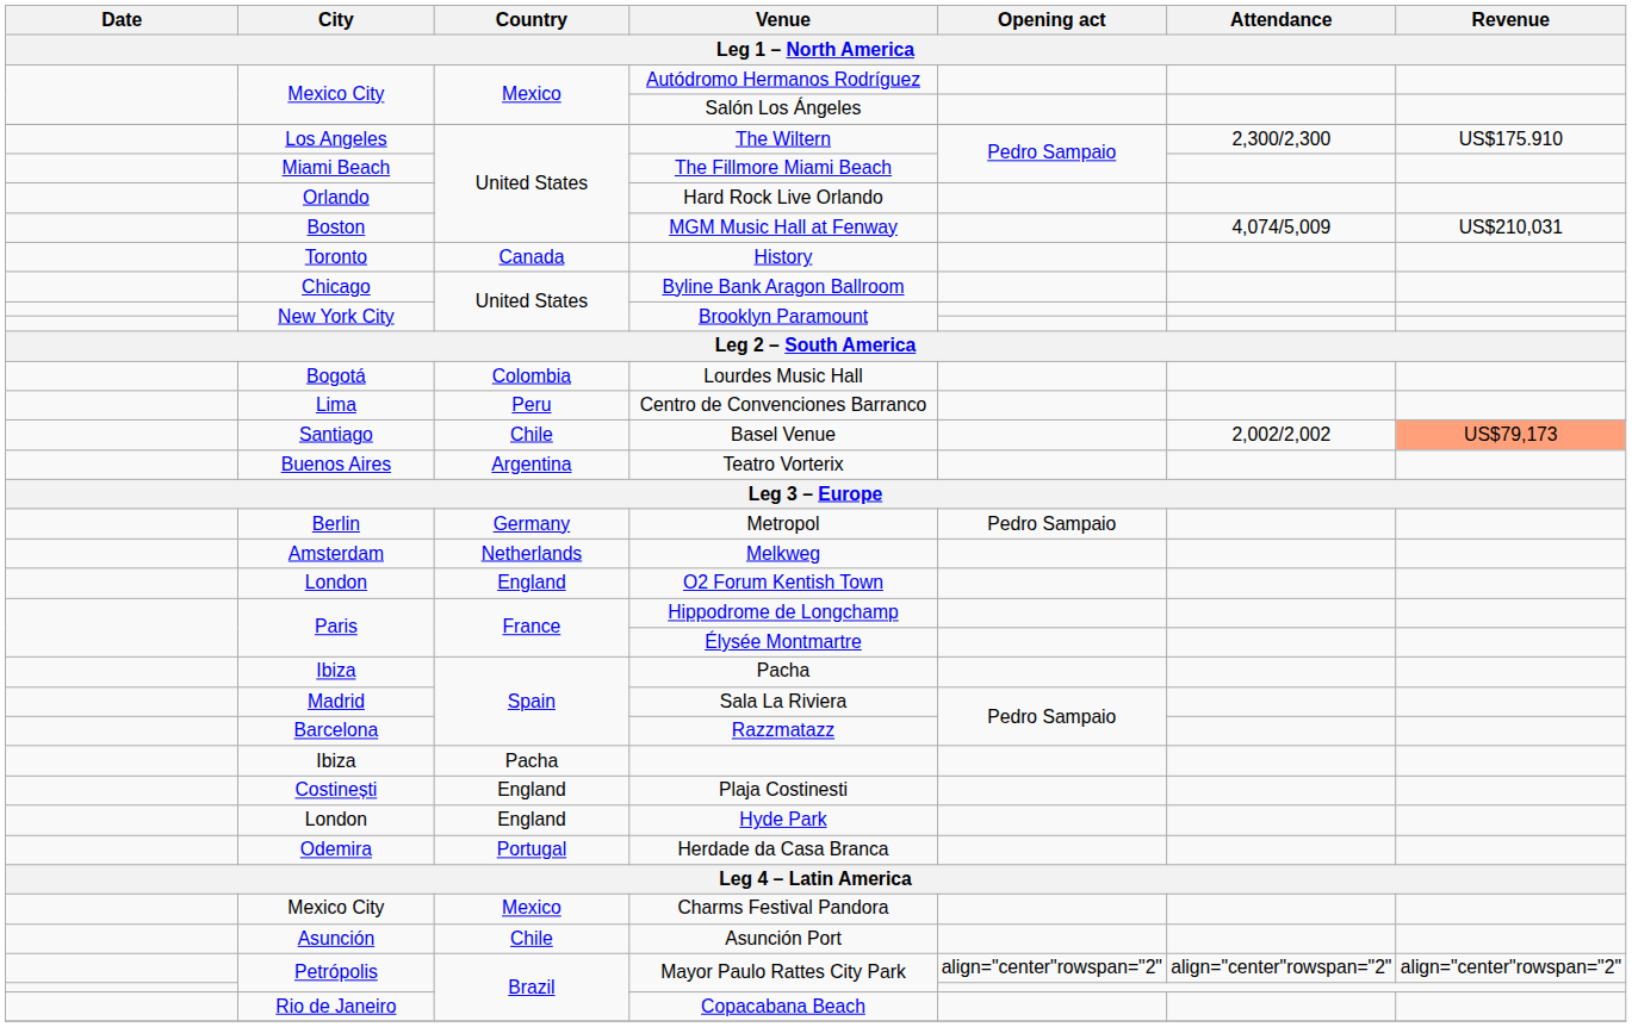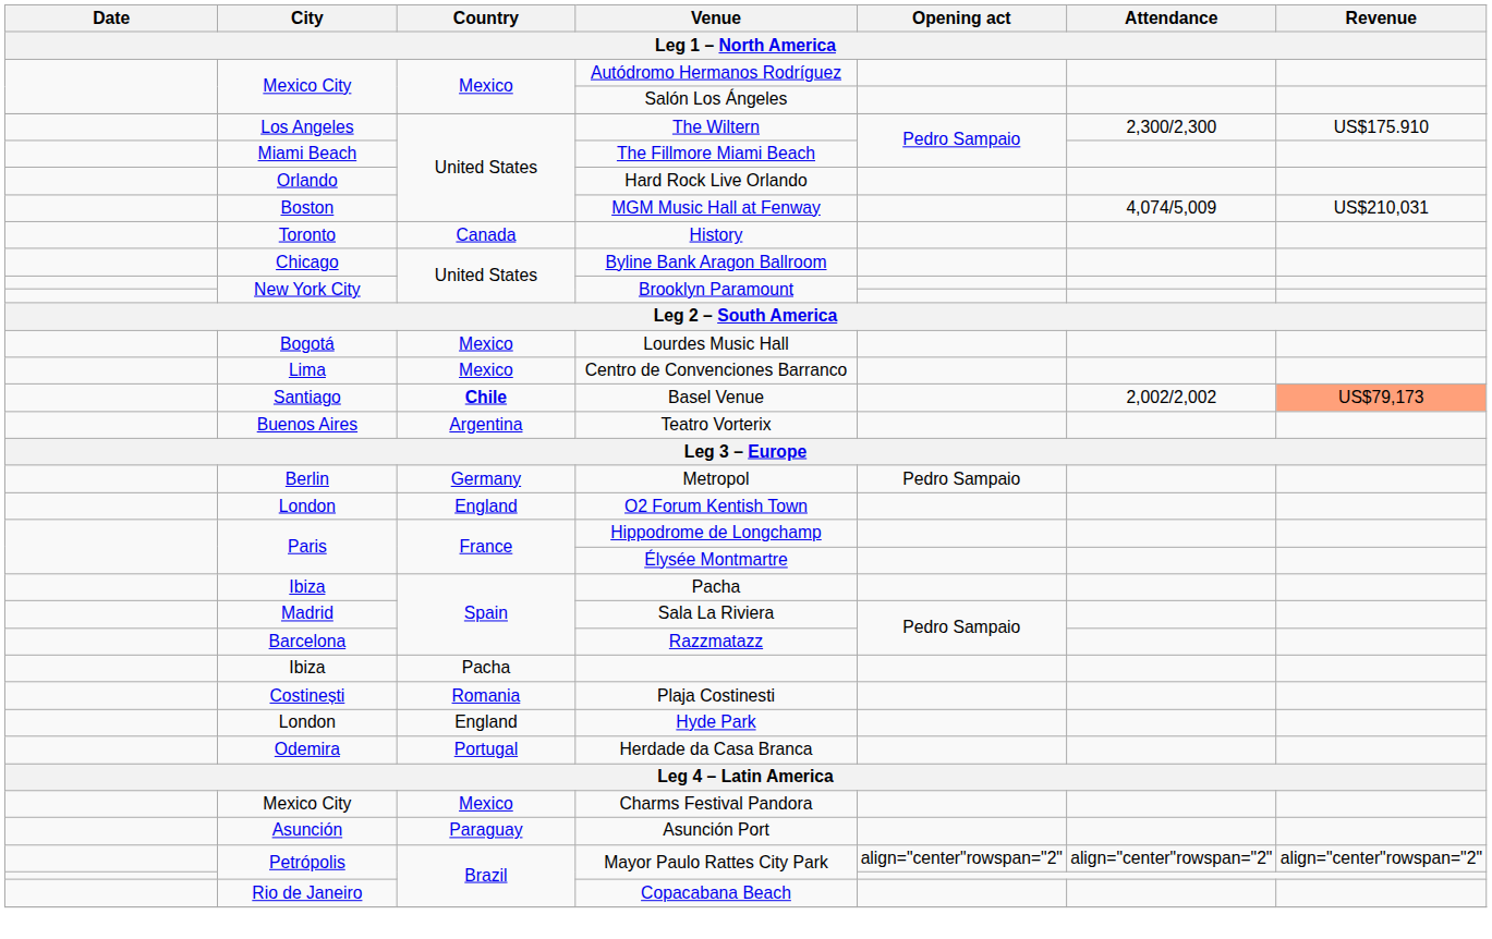 <table class="wikitable plainrowheaders" style="text-align:center;">
 <tr>
 <th scope="col" style="width:12em;">Date</th>
 <th scope="col" style="width:10em;">City</th>
 <th scope="col" style="width:10em;">Country</th>
 <th scope="col" style="width:16em;">Venue</th>
 <th scope="col" style="width:10em;">Opening act</th>
 <th scope="col" style="width:10em;">Attendance</th>
 <th scope="col" style="width:10em;">Revenue</th>
 </tr>
 <tr>
 <th colspan="7">Leg 1 – <strong><a href='#'>North America</a></strong></th>
 </tr>
 <tr>
 <td align="center"rowspan="2"></td>
 <td align="center"rowspan="2"><a href='#'>Mexico City</a></td>
 <td align="center"rowspan="2"><a href='#'>Mexico</a></td>
 <td align="center"><a href='#'>Autódromo Hermanos Rodríguez</a></td>
 <td></td>
 <td></td>
 <td></td>
 </tr>
 <tr>
 <td align="center">Salón Los Ángeles</td>
 <td></td>
 <td></td>
 <td></td>
 </tr>
 <tr>
 </tr>
 <tr>
 <td align="center"></td>
 <td align="center"><a href='#'>Los Angeles</a></td>
 <td align="center" rowspan="4">United States</td>
 <td align="center"><a href='#'>The Wiltern</a></td>
 <td align="center" rowspan="2"><a href='#'>Pedro Sampaio</a></td>
 <td>2,300/2,300</td>
 <td>US$175.910</td>
 </tr>
 <tr>
 <td align="center"></td>
 <td align="center"><a href='#'>Miami Beach</a></td>
 <td align="center"><a href='#'>The Fillmore Miami Beach</a></td>
 <td></td>
 <td></td>
 </tr>
 <tr>
 <td align="center"></td>
 <td align="center"><a href='#'>Orlando</a></td>
 <td align="center">Hard Rock Live Orlando</td>
 <td></td>
 <td></td>
 <td></td>
 </tr>
 <tr>
 <td align="center"></td>
 <td align="center"><a href='#'>Boston</a></td>
 <td align="center"><a href='#'>MGM Music Hall at Fenway</a></td>
 <td></td>
 <td>4,074/5,009</td>
 <td>US$210,031</td>
 </tr>
 <tr>
 <td align="center"></td>
 <td align="center"><a href='#'>Toronto</a></td>
 <td align="center" rowspan="1"><a href='#'>Canada</a></td>
 <td align="center"><a href='#'>History</a></td>
 <td></td>
 <td></td>
 <td></td>
 </tr>
 <tr>
 <td align="center"></td>
 <td align="center"><a href='#'>Chicago</a></td>
 <td align="center" rowspan="3">United States</td>
 <td align="center"><a href='#'>Byline Bank Aragon Ballroom</a></td>
 <td></td>
 <td></td>
 <td></td>
 </tr>
 <tr>
 <td align="center"></td>
 <td align="center"rowspan="2"><a href='#'>New York City</a></td>
 <td align="center"rowspan="2"><a href='#'>Brooklyn Paramount</a></td>
 <td></td>
 <td></td>
 <td></td>
 </tr>
 <tr>
 <td align="center"></td>
 <td></td>
 <td></td>
 <td></td>
 </tr>
 <tr>
 <th colspan="7">Leg 2 – <strong><a href='#'>South America</a></strong></th>
 </tr>
 <tr>
 <td align="center"></td>
 <td align="center"><a href='#'>Bogotá</a></td>
-<td align="center" rowspan="1"><a href='#'>Colombia</a></td>
+<td align="center" rowspan="1"><a href='#'>Mexico</a></td>
 <td align="center">Lourdes Music Hall</td>
 <td></td>
 <td></td>
 <td></td>
 </tr>
 <tr>
 <td align="center"></td>
 <td align="center"><a href='#'>Lima</a></td>
-<td align="center" rowspan="1"><a href='#'>Peru</a></td>
+<td align="center" rowspan="1"><a href='#'>Mexico</a></td>
 <td align="center">Centro de Convenciones Barranco</td>
 <td></td>
 <td></td>
 <td></td>
 </tr>
 <tr>
 <td align="center"></td>
 <td align="center"><a href='#'>Santiago</a></td>
-<td align="center" rowspan="1"><a href='#'>Chile</a></td>
+<td align="center" rowspan="1"><strong><a href='#'>Chile</a></strong></td>
 <td align="center">Basel Venue</td>
 <td></td>
 <td>2,002/2,002</td>
 <td style="background: lightsalmon;">US$79,173</td>
 </tr>
 <tr>
 <td align="center"></td>
 <td align="center"><a href='#'>Buenos Aires</a></td>
 <td align="center" rowspan="1"><a href='#'>Argentina</a></td>
 <td align="center">Teatro Vorterix</td>
 <td></td>
 <td></td>
 <td></td>
 </tr>
 <tr>
 <th colspan="7">Leg 3 – <strong><a href='#'>Europe</a></strong></th>
 </tr>
 <tr>
 <td align="center"></td>
 <td align="center"><a href='#'>Berlin</a></td>
 <td align="center" rowspan="1"><a href='#'>Germany</a></td>
 <td align="center">Metropol</td>
 <td align="center">Pedro Sampaio</td>
-<td></td>
-<td></td>
-</tr>
-<tr>
-<td align="center"></td>
-<td align="center"><a href='#'>Amsterdam</a></td>
-<td align="center" rowspan="1"><a href='#'>Netherlands</a></td>
-<td align="center"><a href='#'>Melkweg</a></td>
-<td></td>
 <td></td>
 <td></td>
 </tr>
 <tr>
 <td align="center"></td>
 <td align="center"><a href='#'>London</a></td>
 <td align="center" rowspan="1"><a href='#'>England</a></td>
 <td align="center"><a href='#'>O2 Forum Kentish Town</a></td>
 <td></td>
 <td></td>
 <td></td>
 </tr>
 <tr>
 <td align="center" rowspan="2"></td>
 <td align="center" rowspan="2"><a href='#'>Paris</a></td>
 <td align="center" rowspan="2"><a href='#'>France</a></td>
 <td align="center"><a href='#'>Hippodrome de Longchamp</a></td>
 <td></td>
 <td></td>
 <td></td>
 </tr>
 <tr>
 <td align="center"><a href='#'>Élysée Montmartre</a></td>
 <td></td>
 <td></td>
 <td></td>
 </tr>
 <tr>
 <td align="center"></td>
 <td align="center"><a href='#'>Ibiza</a></td>
 <td align="center" rowspan="3"><a href='#'>Spain</a></td>
 <td align="center">Pacha</td>
 <td></td>
 <td></td>
 <td></td>
 </tr>
 <tr>
 <td align="center"></td>
 <td align="center"><a href='#'>Madrid</a></td>
 <td align="center">Sala La Riviera</td>
 <td align="center" rowspan="2">Pedro Sampaio</td>
 <td></td>
 <td></td>
 </tr>
 <tr>
 <td align="center"></td>
 <td align="center"><a href='#'>Barcelona</a></td>
 <td align="center"><a href='#'>Razzmatazz</a></td>
 <td></td>
 <td></td>
 </tr>
 <tr>
 <td align="center"></td>
 <td align="center">Ibiza</td>
 <td align="center">Pacha</td>
 <td></td>
 <td></td>
 <td></td>
 </tr>
 <tr>
 <td align="center"></td>
 <td align="center"><a href='#'>Costinești</a></td>
-<td align="center" rowspan="1">England</td>
+<td align="center" rowspan="1"><a href='#'>Romania</a></td>
 <td align="center">Plaja Costinesti</td>
 <td></td>
 <td></td>
 <td></td>
 </tr>
 <tr>
 <td align="center"></td>
 <td align="center">London</td>
 <td align="center" rowspan="1">England</td>
 <td align="center"><a href='#'>Hyde Park</a></td>
 <td></td>
 <td></td>
 <td></td>
 </tr>
 <tr>
 <td align="center"></td>
 <td align="center"><a href='#'>Odemira</a></td>
 <td align="center" rowspan="1"><a href='#'>Portugal</a></td>
 <td align="center">Herdade da Casa Branca</td>
 <td></td>
 <td></td>
 <td></td>
 </tr>
 <tr>
 <th colspan="7">Leg 4 – <strong>Latin America</strong></th>
 </tr>
 <tr>
 <td align="center"></td>
 <td align="center">Mexico City</td>
 <td align="center" rowspan="1"><a href='#'>Mexico</a></td>
 <td align="center">Charms Festival Pandora</td>
 <td></td>
 <td></td>
 <td></td>
 </tr>
 <tr>
 <td align="center"></td>
 <td align="center"><a href='#'>Asunción</a></td>
-<td align="center" rowspan="1"><a href='#'>Chile</a></td>
+<td align="center" rowspan="1"><a href='#'>Paraguay</a></td>
 <td align="center">Asunción Port</td>
 <td></td>
 <td></td>
 <td></td>
 </tr>
 <tr>
 <td align="center"></td>
 <td align="center"rowspan="2"><a href='#'>Petrópolis</a></td>
 <td align="center"rowspan="3"><a href='#'>Brazil</a></td>
 <td align="center"rowspan="2">Mayor Paulo Rattes City Park</td>
 <td>align="center"rowspan="2" </td>
 <td>align="center"rowspan="2" </td>
 <td>align="center"rowspan="2" </td>
 </tr>
 <tr>
 <td align="center"></td>
 </tr>
 <tr>
 <td align="center"></td>
 <td align="center"><a href='#'>Rio de Janeiro</a></td>
 <td align="center"><a href='#'>Copacabana Beach</a></td>
 <td></td>
 <td></td>
 <td></td>
 </tr>
 <tr>
 </tr>
 </table>
